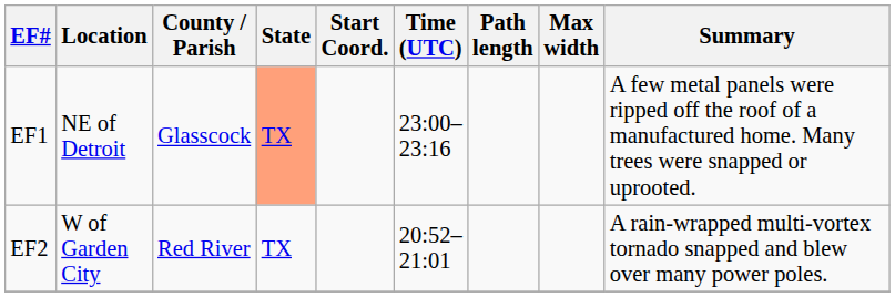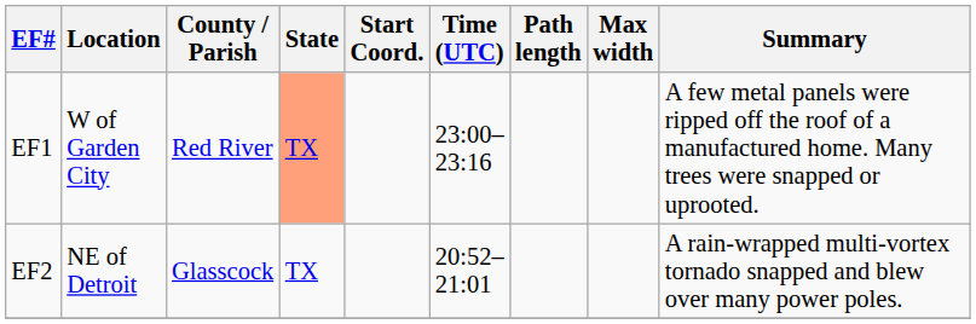 <table class="wikitable sortable" style="width:100%;">
 <tr>
 <th scope="col"  style="width:3%; text-align:center;"><a href='#'>EF#</a></th>
 <th scope="col"  style="width:7%; text-align:center;" class="unsortable">Location</th>
 <th scope="col"  style="width:6%; text-align:center;" class="unsortable">County / Parish</th>
 <th scope="col"  style="width:5%; text-align:center;">State</th>
 <th scope="col"  style="width:6%; text-align:center;">Start Coord.</th>
 <th scope="col"  style="width:6%; text-align:center;">Time (<a href='#'>UTC</a>)</th>
 <th scope="col"  style="width:6%; text-align:center;">Path length</th>
 <th scope="col"  style="width:6%; text-align:center;">Max width</th>
 <th scope="col" class="unsortable" style="width:48%; text-align:center;">Summary</th>
 </tr>
 <tr>
 <td>EF1</td>
-<td>NE of <a href='#'>Detroit</a></td>
-<td><a href='#'>Glasscock</a></td>
+<td>W of <a href='#'>Garden City</a></td>
+<td><a href='#'>Red River</a></td>
 <td style="background: lightsalmon;"><a href='#'>TX</a></td>
 <td></td>
 <td>23:00–23:16</td>
 <td></td>
 <td></td>
 <td>A few metal panels were ripped off the roof of a manufactured home. Many trees were snapped or uprooted.</td>
 </tr>
 <tr>
 <td>EF2</td>
-<td>W of <a href='#'>Garden City</a></td>
-<td><a href='#'>Red River</a></td>
+<td>NE of <a href='#'>Detroit</a></td>
+<td><a href='#'>Glasscock</a></td>
 <td><a href='#'>TX</a></td>
 <td></td>
 <td>20:52–21:01</td>
 <td></td>
 <td></td>
 <td>A rain-wrapped multi-vortex tornado snapped and blew over many power poles.</td>
 </tr>
 <tr>
 </tr>
 </table>
